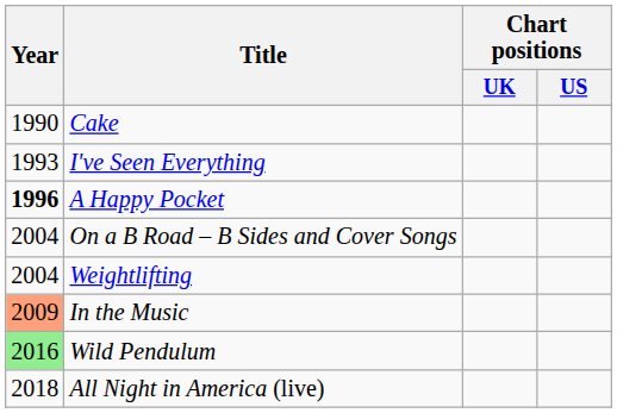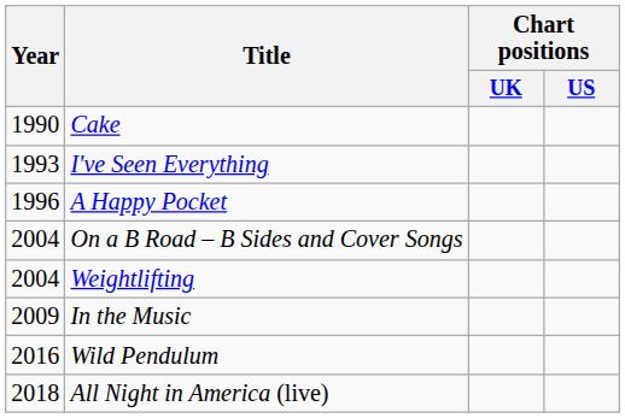 <table class="wikitable">
 <tr>
 <th scope="col" rowspan="2">Year</th>
 <th scope="col" rowspan="2">Title</th>
 <th scope="col" colspan="2">Chart positions</th>
 </tr>
 <tr>
 <th scope="col" style="width:3em;font-size:90%"><a href='#'>UK</a><br></th>
 <th scope="col" style="width:3em;font-size:90%"><a href='#'>US</a><br></th>
 </tr>
 <tr>
 <td>1990</td>
 <td><em><a href='#'>Cake</a></em></td>
 <td></td>
 <td></td>
 </tr>
 <tr>
 <td>1993</td>
 <td><em><a href='#'>I've Seen Everything</a></em></td>
 <td></td>
 <td></td>
 </tr>
 <tr>
-<td><strong>1996</strong></td>
+<td>1996</td>
 <td><em><a href='#'>A Happy Pocket</a></em></td>
 <td></td>
 <td></td>
 </tr>
 <tr>
 <td>2004</td>
 <td><em>On a B Road – B Sides and Cover Songs</em></td>
 <td></td>
 <td></td>
 </tr>
 <tr>
 <td>2004</td>
 <td><em><a href='#'>Weightlifting</a></em></td>
 <td></td>
 <td></td>
 </tr>
 <tr>
-<td style="background: lightsalmon;">2009</td>
+<td>2009</td>
 <td><em>In the Music</em></td>
 <td></td>
 <td></td>
 </tr>
 <tr>
-<td style="background: lightgreen;">2016</td>
+<td>2016</td>
 <td><em>Wild Pendulum</em></td>
 <td></td>
 <td></td>
 </tr>
 <tr>
 <td>2018</td>
 <td><em>All Night in America</em>  (live)</td>
 <td></td>
 <td></td>
 </tr>
 </table>
